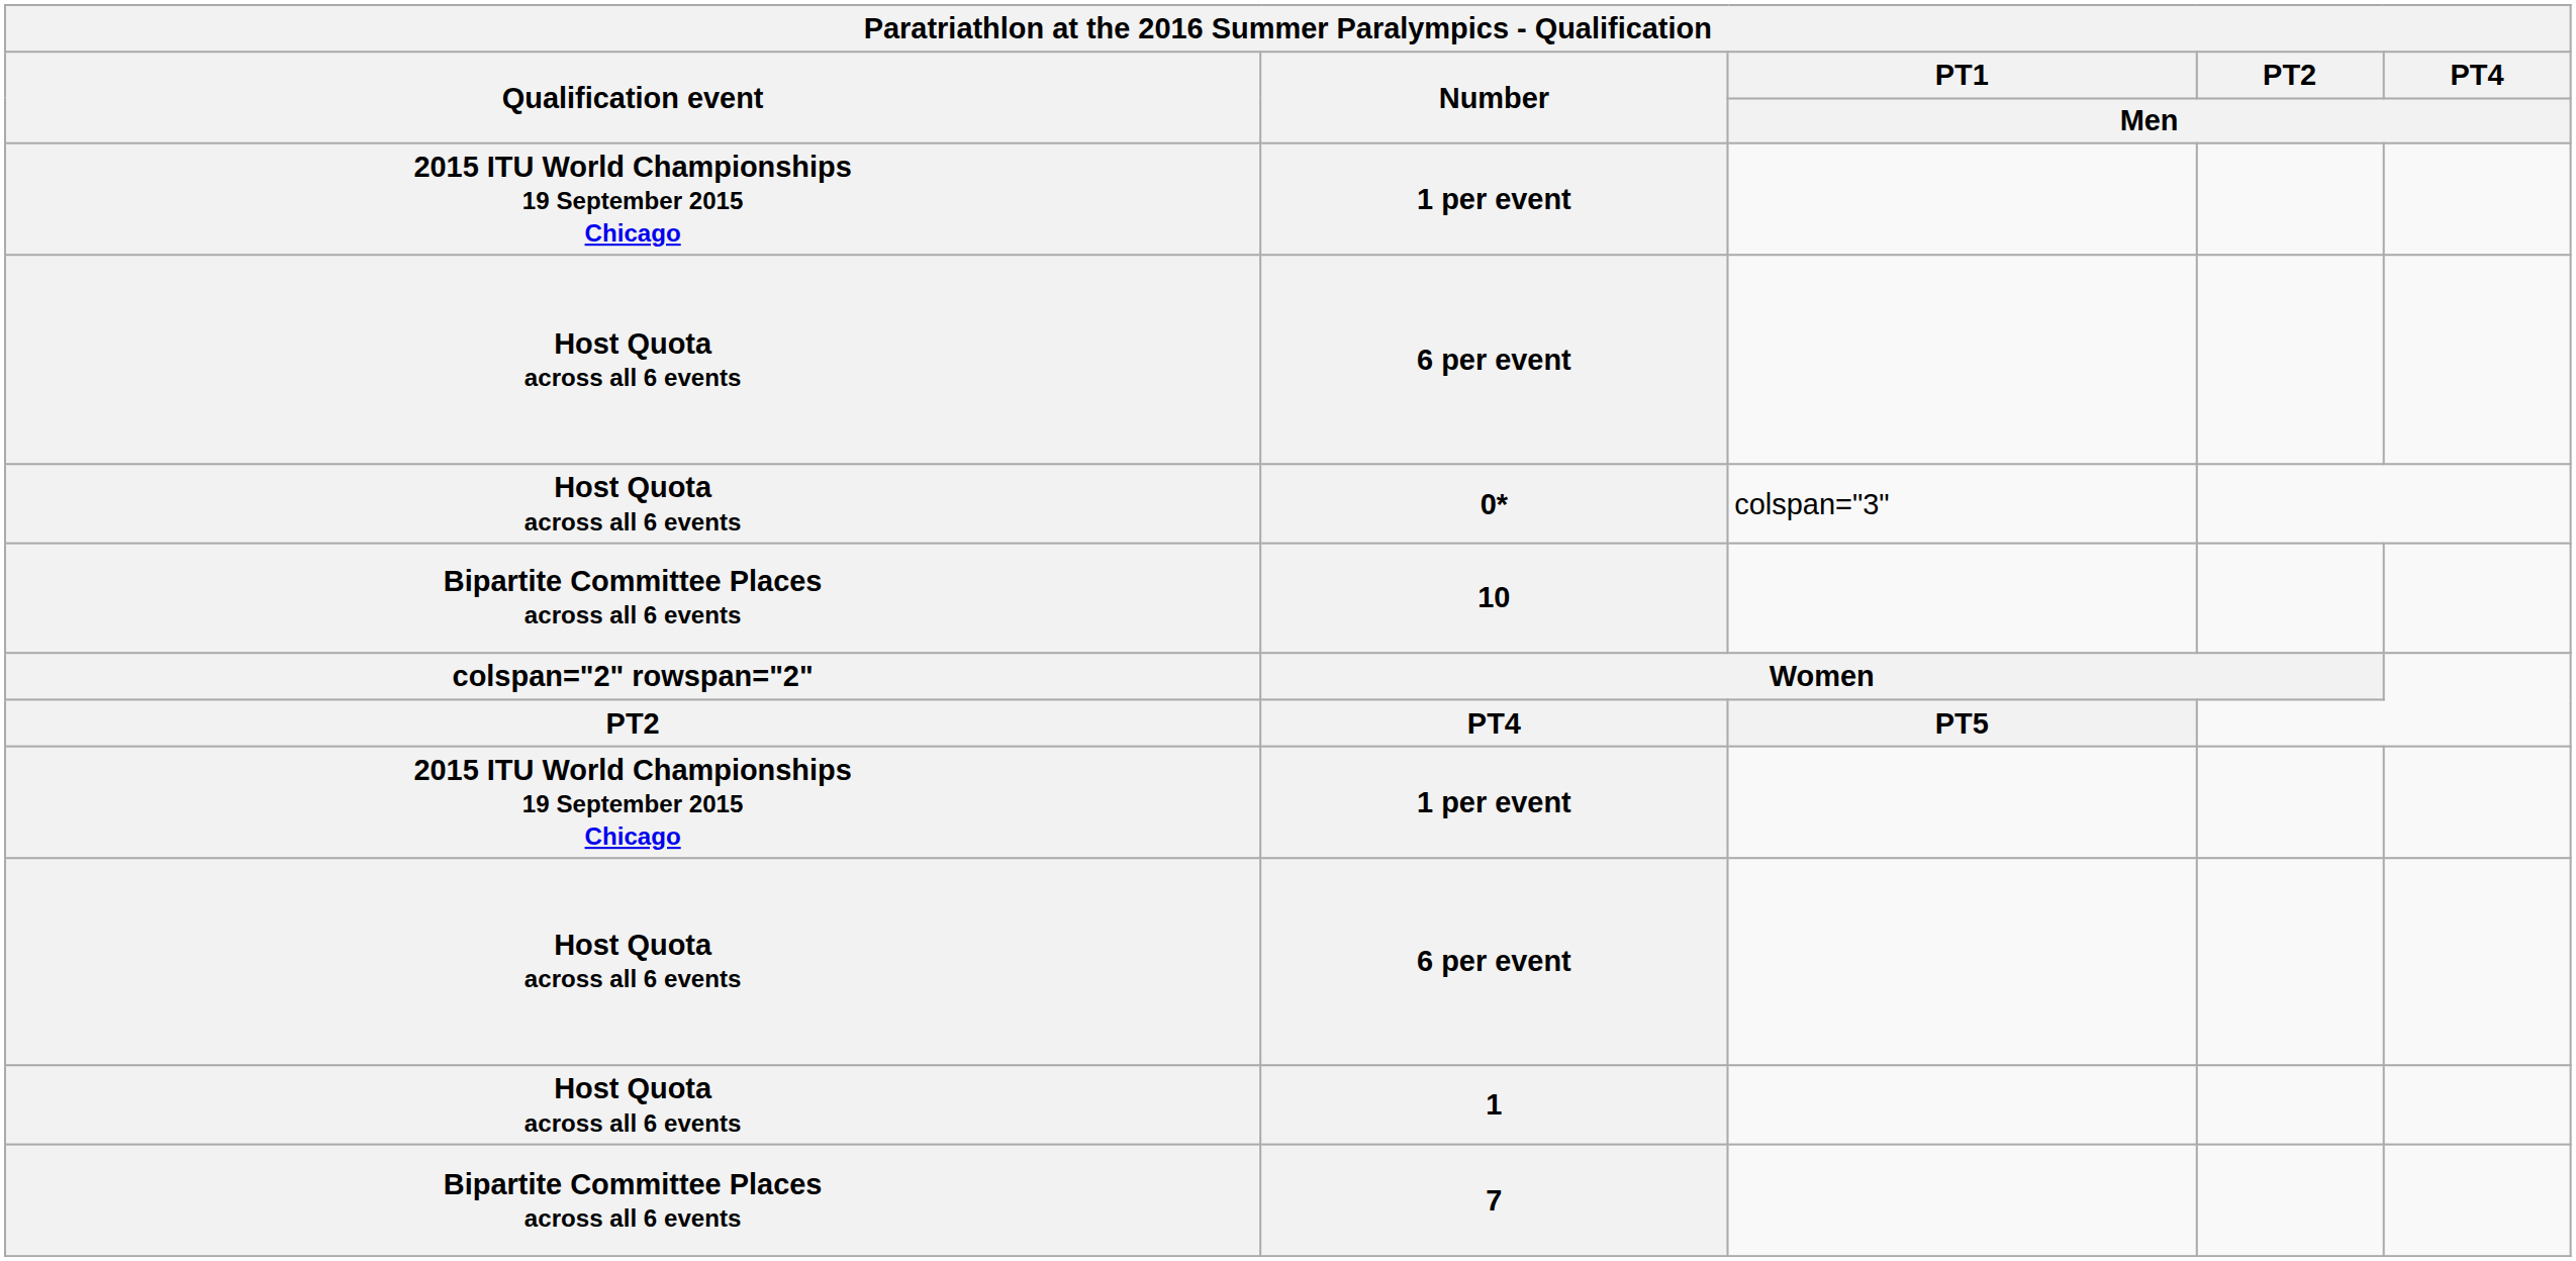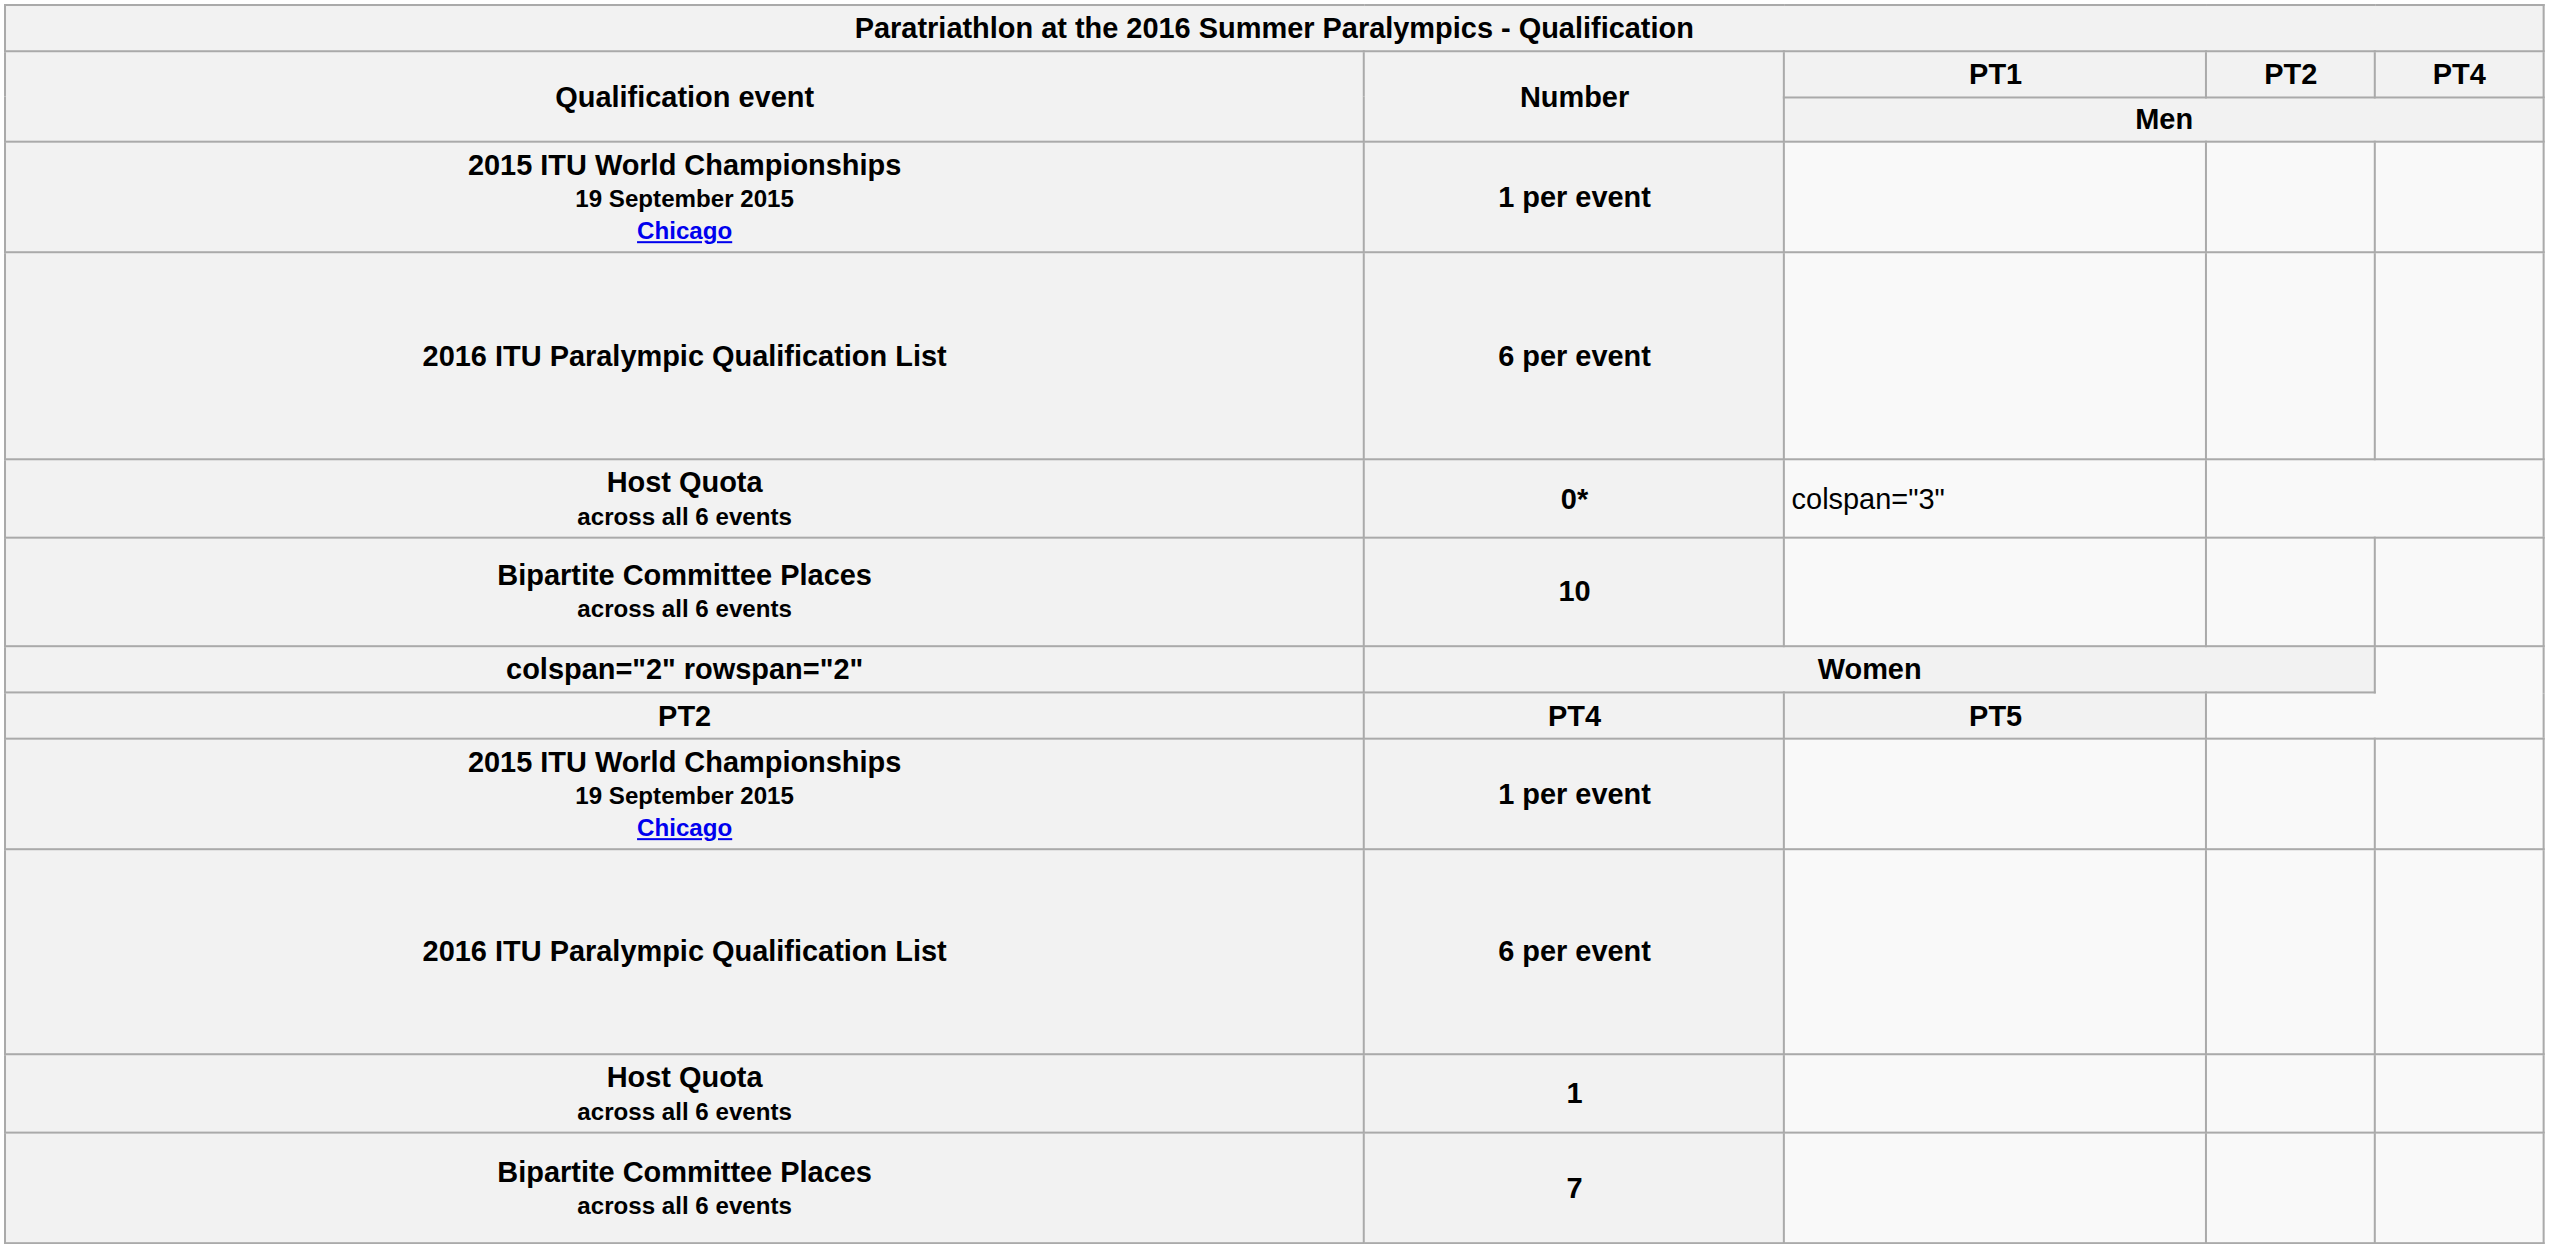 <table class="wikitable" style="width:100%; font-size:90%;" align="center">
 <tr>
 <th colspan="5">Paratriathlon at the 2016 Summer Paralympics - Qualification</th>
 </tr>
 <tr>
 <th rowspan="2">Qualification event</th>
 <th rowspan="2">Number</th>
 <th>PT1</th>
 <th>PT2</th>
 <th>PT4</th>
 </tr>
 <tr>
 <th colspan="3">Men</th>
 </tr>
 <tr>
 <th>2015 ITU World Championships<br><small>19 September 2015<br> <a href='#'>Chicago</a></small></th>
 <th>1 per event</th>
 <td></td>
 <td></td>
 <td></td>
 </tr>
 <tr>
-<th>Host Quota<br><small>across all 6 events</small></th>
+<th>2016 ITU Paralympic Qualification List</th>
 <th>6 per event</th>
 <td><br> <br><br> <br><br> <br></td>
 <td><br> <br><br> <br><br> <br></td>
 <td><br> <br><br> <br><br> <br></td>
 </tr>
 <tr>
 <th>Host Quota<br><small>across all 6 events</small></th>
 <th>0*</th>
 <td>colspan="3" </td>
 </tr>
 <tr>
 <th>Bipartite Committee Places<br><small>across all 6 events</small></th>
 <th>10</th>
 <td><br> <br><br></td>
 <td><br> <br><br></td>
 <td><br> <br><br></td>
 </tr>
 <tr>
 <th>colspan="2" rowspan="2" </th>
 <th colspan="3">Women</th>
 </tr>
 <tr>
 <th>PT2</th>
 <th>PT4</th>
 <th>PT5</th>
 </tr>
 <tr>
 <th>2015 ITU World Championships<br><small>19 September 2015<br> <a href='#'>Chicago</a></small></th>
 <th>1 per event</th>
 <td></td>
 <td></td>
 <td></td>
 </tr>
 <tr>
-<th>Host Quota<br><small>across all 6 events</small></th>
+<th>2016 ITU Paralympic Qualification List</th>
 <th>6 per event</th>
 <td><br> <br><br> <br><br> <br></td>
 <td><br> <br><br> <br><br> <br></td>
 <td><br> <br><br> <br><br> <br></td>
 </tr>
 <tr>
 <th>Host Quota<br><small>across all 6 events</small></th>
 <th>1</th>
 <td></td>
 <td><br></td>
 <td></td>
 </tr>
 <tr>
 <th>Bipartite Committee Places<br><small>across all 6 events</small></th>
 <th>7</th>
 <td><br></td>
 <td><br> <br><br></td>
 <td><br> <br><br></td>
 </tr>
 </table>
